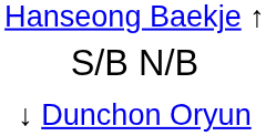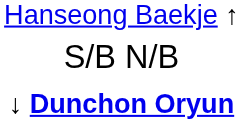 <table style="text-align:center;">
 <tr>
 <td><small> <a href='#'>Hanseong Baekje</a> ↑</small></td>
 </tr>
 <tr>
 <td><span>S/B</span>   <span>N/B</span></td>
 </tr>
 <tr>
-<td><small>↓ <a href='#'>Dunchon Oryun</a></small></td>
+<td><strong><small>↓ <a href='#'>Dunchon Oryun</a></small></strong></td>
 </tr>
 </table>
